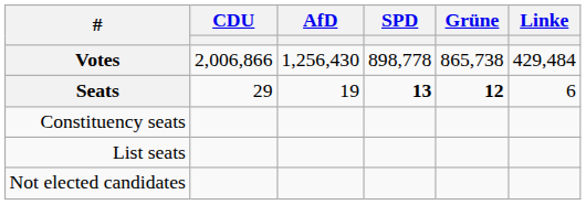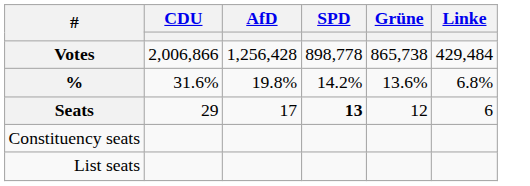 <table class="wikitable" style="text-align:right;vertical-align:top">
 <tr>
 <th rowspan="2">#</th>
 <th class="wikitable sortable"><a href='#'>CDU</a></th>
 <th class="wikitable sortable"><a href='#'>AfD</a></th>
 <th class="wikitable sortable"><a href='#'>SPD</a></th>
 <th class="wikitable sortable"><a href='#'>Grüne</a></th>
 <th class="wikitable sortable"><a href='#'>Linke</a></th>
 </tr>
 <tr>
 <th class="wikitable sortable" style="background:"></th>
 <th class="wikitable sortable" style="background:"></th>
 <th class="wikitable sortable" style="background:"></th>
 <th class="wikitable sortable" style="background:"></th>
 <th class="wikitable sortable" style="background:"></th>
 </tr>
 <tr>
 <th>Votes</th>
 <td>2,006,866</td>
-<td>1,256,430</td>
+<td>1,256,428</td>
 <td>898,778</td>
 <td>865,738</td>
 <td>429,484</td>
 </tr>
 <tr>
+<th>%</th>
+<td>31.6%</td>
+<td>19.8%</td>
+<td>14.2%</td>
+<td>13.6%</td>
+<td>6.8%</td>
+</tr>
+<tr>
 <th>Seats</th>
 <td>29</td>
-<td>19</td>
+<td>17</td>
 <td><strong>13</strong></td>
-<td><strong>12</strong></td>
+<td>12</td>
 <td>6</td>
 </tr>
 <tr style="vertical-align:top">
 <td>Constituency seats</td>
 <td></td>
 <td></td>
 <td></td>
 <td></td>
 <td></td>
 </tr>
 <tr style="vertical-align:top">
 <td>List seats</td>
 <td></td>
 <td></td>
 <td></td>
 <td>  </td>
 <td></td>
 </tr>
-<tr style="vertical-align:top">
-<td>Not elected candidates</td>
-<td><div><br>       </div></td>
-<td><div><br> </div></td>
-<td><div><br> </div></td>
-<td><div><br>  </div></td>
-<td><div><br> </div></td>
-</tr>
 </table>
